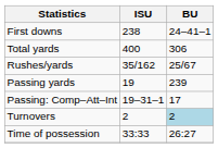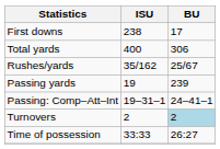 <table class="wikitable" style="float: left;">
 <tr>
 <th>Statistics</th>
 <th>ISU</th>
 <th>BU</th>
 </tr>
 <tr>
 <td>First downs</td>
 <td>238</td>
-<td>24–41–1</td>
+<td>17</td>
 </tr>
 <tr>
 <td>Total yards</td>
 <td>400</td>
 <td>306</td>
 </tr>
 <tr>
 <td>Rushes/yards</td>
 <td>35/162</td>
 <td>25/67</td>
 </tr>
 <tr>
 <td>Passing yards</td>
 <td>19</td>
 <td>239</td>
 </tr>
 <tr>
 <td>Passing: Comp–Att–Int</td>
 <td>19–31–1</td>
-<td>17</td>
+<td>24–41–1</td>
 </tr>
 <tr>
 <td>Turnovers</td>
 <td>2</td>
 <td style="background: lightblue;">2</td>
 </tr>
 <tr>
 <td>Time of possession</td>
 <td>33:33</td>
 <td>26:27</td>
 </tr>
 <tr>
 </tr>
 </table>
